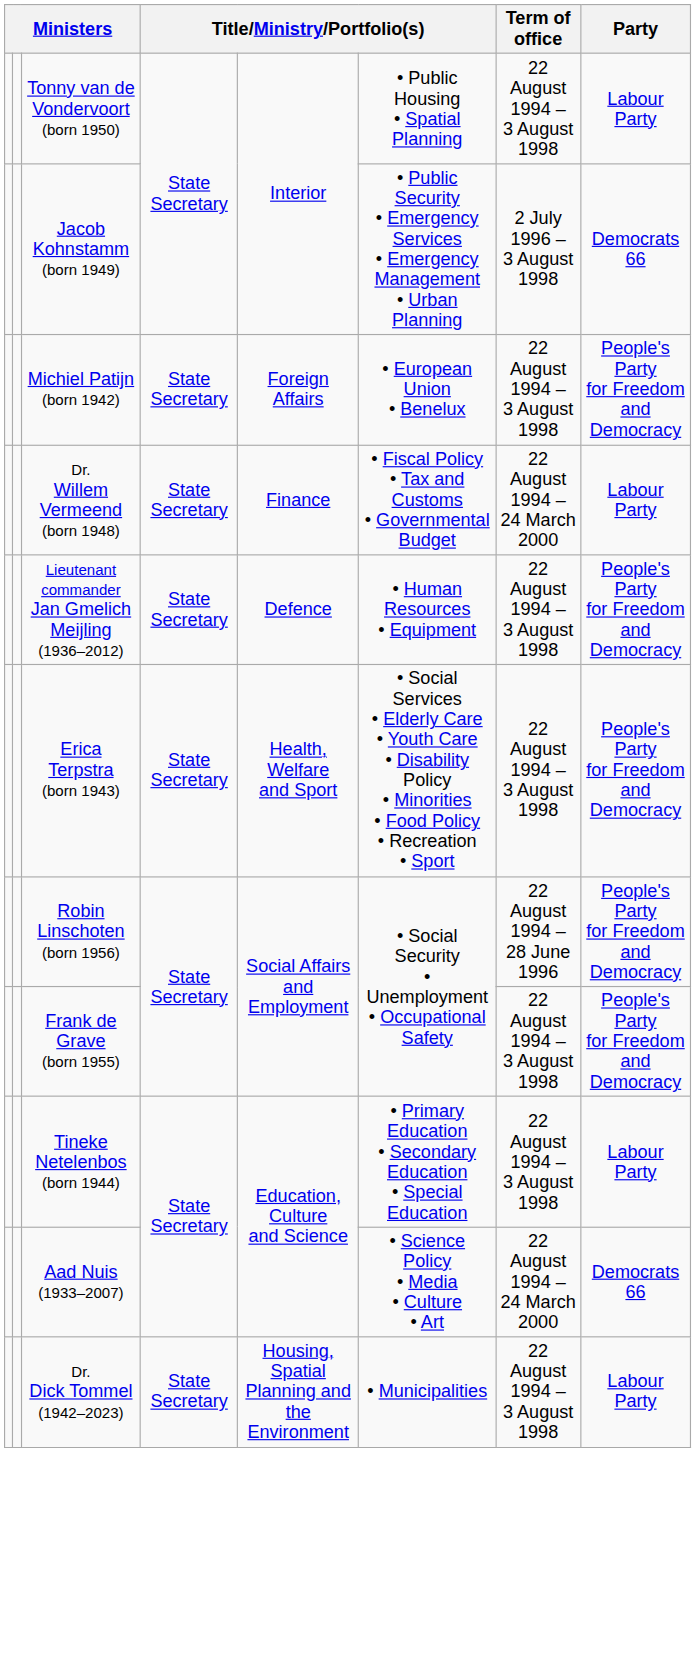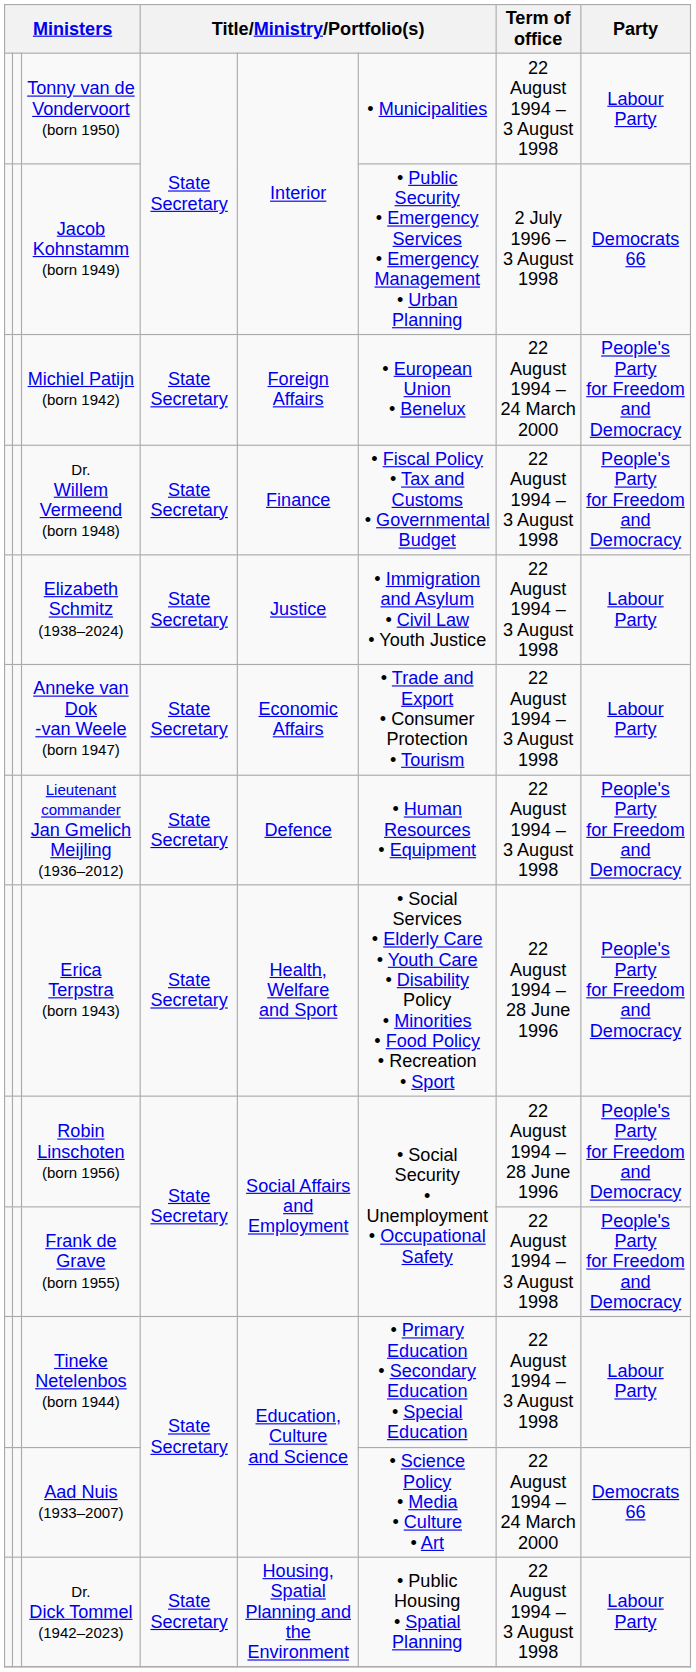 <table class="wikitable" style="text-align:center">
 <tr>
 <th colspan=3><a href='#'>Ministers</a></th>
 <th colspan=3>Title/<a href='#'>Ministry</a>/Portfolio(s)</th>
 <th>Term of office</th>
 <th>Party</th>
 </tr>
 <tr>
 <td style="background:"></td>
 <td></td>
 <td><a href='#'>Tonny van de <br> Vondervoort</a> <br> <small>(born 1950)</small></td>
 <td rowspan=2><a href='#'>State Secretary</a></td>
 <td rowspan=2><a href='#'>Interior</a></td>
-<td>• Public Housing <br> • <a href='#'>Spatial Planning</a></td>
+<td>• <a href='#'>Municipalities</a></td>
 <td>22 August 1994 – <br> 3 August 1998</td>
 <td><a href='#'>Labour Party</a></td>
 </tr>
 <tr>
 <td style="background:"></td>
 <td></td>
 <td><a href='#'>Jacob Kohnstamm</a> <br> <small>(born 1949)</small></td>
 <td>• <a href='#'>Public Security</a> <br> • <a href='#'>Emergency <br> Services</a> <br> • <a href='#'>Emergency <br> Management</a> <br> • <a href='#'>Urban Planning</a></td>
 <td>2 July 1996 – <br> 3 August 1998</td>
 <td><a href='#'>Democrats 66</a></td>
 </tr>
 <tr>
 <td style="background:"></td>
 <td></td>
 <td><a href='#'>Michiel Patijn</a> <br> <small>(born 1942)</small></td>
 <td><a href='#'>State Secretary</a></td>
 <td><a href='#'>Foreign Affairs</a></td>
 <td>• <a href='#'>European Union</a> <br> • <a href='#'>Benelux</a></td>
-<td>22 August 1994 – <br> 3 August 1998</td>
+<td>22 August 1994 – <br> 24 March 2000 <br> </td>
 <td><a href='#'>People's Party <br> for Freedom and <br> Democracy</a></td>
 </tr>
 <tr>
 <td style="background:"></td>
 <td></td>
 <td><small>Dr.</small> <br> <a href='#'>Willem Vermeend</a> <br> <small>(born 1948)</small></td>
 <td><a href='#'>State Secretary</a></td>
 <td><a href='#'>Finance</a></td>
 <td>• <a href='#'>Fiscal Policy</a> <br> • <a href='#'>Tax and Customs</a> <br> • <a href='#'>Governmental <br> Budget</a></td>
-<td>22 August 1994 – <br> 24 March 2000 <br> </td>
+<td>22 August 1994 – <br> 3 August 1998</td>
+<td><a href='#'>People's Party <br> for Freedom and <br> Democracy</a></td>
+</tr>
+<tr>
+<td style="background:"></td>
+<td></td>
+<td><a href='#'>Elizabeth <br> Schmitz</a> <br> <small>(1938–2024)</small></td>
+<td><a href='#'>State Secretary</a></td>
+<td><a href='#'>Justice</a></td>
+<td>• <a href='#'>Immigration <br> and Asylum</a> <br> • <a href='#'>Civil Law</a> <br> • Youth Justice</td>
+<td>22 August 1994 – <br> 3 August 1998</td>
+<td><a href='#'>Labour Party</a></td>
+</tr>
+<tr>
+<td style="background:"></td>
+<td></td>
+<td><a href='#'>Anneke van Dok <br> -van Weele</a> <br> <small>(born 1947)</small></td>
+<td><a href='#'>State Secretary</a> <br> </td>
+<td><a href='#'>Economic Affairs</a></td>
+<td>• <a href='#'>Trade and Export</a> <br> • Consumer <br> Protection <br> • <a href='#'>Tourism</a></td>
+<td>22 August 1994 – <br> 3 August 1998</td>
 <td><a href='#'>Labour Party</a></td>
 </tr>
 <tr>
 <td style="background:"></td>
 <td></td>
 <td><small><a href='#'>Lieutenant commander</a></small> <br><a href='#'>Jan Gmelich <br> Meijling</a> <br> <small>(1936–2012)</small></td>
 <td><a href='#'>State Secretary</a></td>
 <td><a href='#'>Defence</a></td>
 <td>• <a href='#'>Human <br> Resources</a> <br> • <a href='#'>Equipment</a></td>
 <td>22 August 1994 – <br> 3 August 1998</td>
 <td><a href='#'>People's Party <br> for Freedom and <br> Democracy</a></td>
 </tr>
 <tr>
 <td style="background:"></td>
 <td></td>
 <td><a href='#'>Erica Terpstra</a> <br> <small>(born 1943)</small></td>
 <td><a href='#'>State Secretary</a></td>
 <td><a href='#'>Health, Welfare <br> and Sport</a></td>
 <td>• Social Services <br> • <a href='#'>Elderly Care</a> <br> • <a href='#'>Youth Care</a> <br> • <a href='#'>Disability</a> Policy <br> • <a href='#'>Minorities</a> <br> • <a href='#'>Food Policy</a> <br> • Recreation <br> • <a href='#'>Sport</a></td>
-<td>22 August 1994 – <br> 3 August 1998</td>
+<td>22 August 1994 – <br> 28 June 1996 <br> </td>
 <td><a href='#'>People's Party <br> for Freedom and <br> Democracy</a></td>
 </tr>
 <tr>
 <td style="background:"></td>
 <td></td>
 <td><a href='#'>Robin Linschoten</a> <br> <small>(born 1956)</small></td>
 <td rowspan=2><a href='#'>State Secretary</a></td>
 <td rowspan=2><a href='#'>Social Affairs and <br> Employment</a></td>
 <td rowspan=2>• Social Security <br> • Unemployment <br> • <a href='#'>Occupational <br> Safety</a></td>
 <td>22 August 1994 – <br> 28 June 1996 <br> </td>
 <td><a href='#'>People's Party <br> for Freedom and <br> Democracy</a></td>
 </tr>
 <tr>
 <td style="background:"></td>
 <td></td>
 <td><a href='#'>Frank de Grave</a> <br> <small>(born 1955)</small></td>
 <td>22 August 1994 – <br> 3 August 1998</td>
 <td><a href='#'>People's Party <br> for Freedom and <br> Democracy</a></td>
 </tr>
 <tr>
 <td style="background:"></td>
 <td></td>
 <td><a href='#'>Tineke Netelenbos</a> <br> <small>(born 1944)</small></td>
 <td rowspan=2><a href='#'>State Secretary</a></td>
 <td rowspan=2><a href='#'>Education, Culture <br> and Science</a></td>
 <td>• <a href='#'>Primary <br> Education</a> <br> • <a href='#'>Secondary <br> Education</a> <br> • <a href='#'>Special <br> Education</a></td>
 <td>22 August 1994 – <br> 3 August 1998</td>
 <td><a href='#'>Labour Party</a></td>
 </tr>
 <tr>
 <td style="background:"></td>
 <td></td>
 <td><a href='#'>Aad Nuis</a> <br> <small>(1933–2007)</small></td>
 <td>• <a href='#'>Science Policy</a> <br> • <a href='#'>Media</a> <br> • <a href='#'>Culture</a> <br> • <a href='#'>Art</a></td>
 <td>22 August 1994 – <br> 24 March 2000 <br> </td>
 <td><a href='#'>Democrats 66</a></td>
 </tr>
 <tr>
 <td style="background:"></td>
 <td></td>
 <td><small>Dr.</small> <br> <a href='#'>Dick Tommel</a> <br> <small>(1942–2023)</small></td>
 <td><a href='#'>State Secretary</a></td>
 <td><a href='#'>Housing, Spatial <br> Planning and the <br> Environment</a></td>
-<td>• <a href='#'>Municipalities</a></td>
+<td>• Public Housing <br> • <a href='#'>Spatial Planning</a></td>
 <td>22 August 1994 – <br> 3 August 1998</td>
 <td><a href='#'>Labour Party</a></td>
 </tr>
 <tr>
 </tr>
 </table>
